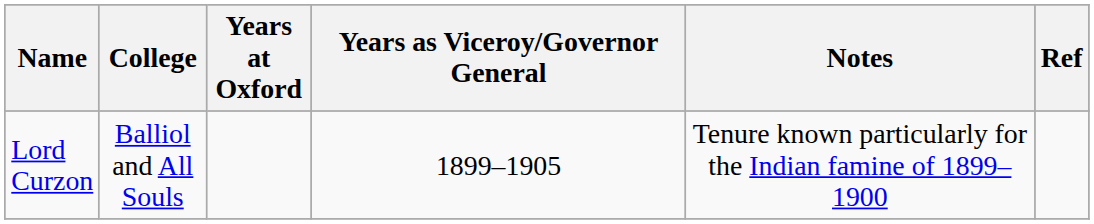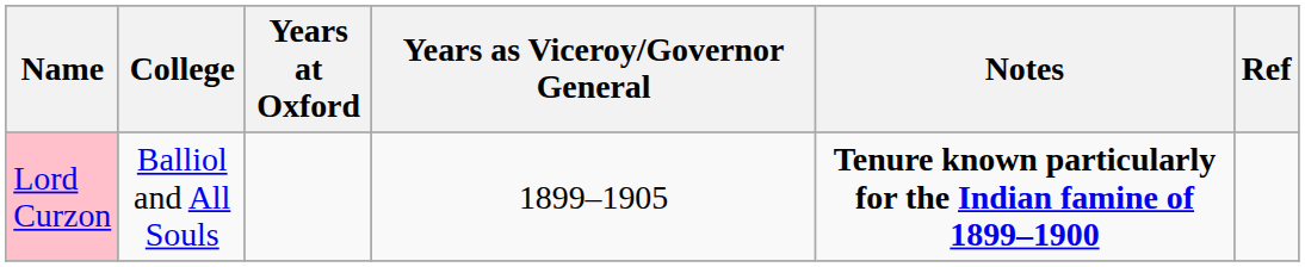 <table class="wikitable sortable" style="width:100%; text-align:center;">
 <tr>
 <th width="*">Name</th>
 <th width="10%">College</th>
 <th width="10%">Years at Oxford</th>
 <th width="40%">Years as Viceroy/Governor General</th>
 <th width="40%">Notes</th>
 <th width="*">Ref</th>
 </tr>
 <tr>
-<td style="text-align:left;"><a href='#'>Lord Curzon</a></td>
+<td style="background: pink; text-align:left;"><a href='#'>Lord Curzon</a></td>
 <td><a href='#'>Balliol</a> and <a href='#'>All Souls</a></td>
 <td></td>
 <td>1899–1905</td>
-<td>Tenure known particularly for the <a href='#'>Indian famine of 1899–1900</a></td>
+<td><strong>Tenure known particularly for the <a href='#'>Indian famine of 1899–1900</a></strong></td>
 <td></td>
 </tr>
 </table>
